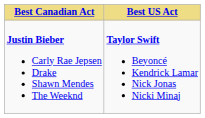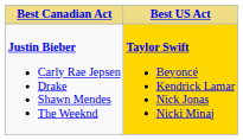 <table class=wikitable style="width=100%">
 <tr>
 <th style="background:#EEDD85; width=50%"><a href='#'>Best Canadian Act</a></th>
 <th style="background:#EEDD85; width=50%"><a href='#'>Best US Act</a></th>
 </tr>
 <tr>
 <td valign="top"><br><strong><a href='#'>Justin Bieber</a></strong><ul><li><a href='#'>Carly Rae Jepsen</a></li><li><a href='#'>Drake</a></li><li><a href='#'>Shawn Mendes</a></li><li><a href='#'>The Weeknd</a></li></ul></td>
-<td valign="top"><br><strong><a href='#'>Taylor Swift</a></strong><ul><li><a href='#'>Beyoncé</a></li><li><a href='#'>Kendrick Lamar</a></li><li><a href='#'>Nick Jonas</a></li><li><a href='#'>Nicki Minaj</a></li></ul></td>
+<td valign="top" style="background: gold;"><br><strong><a href='#'>Taylor Swift</a></strong><ul><li><a href='#'>Beyoncé</a></li><li><a href='#'>Kendrick Lamar</a></li><li><a href='#'>Nick Jonas</a></li><li><a href='#'>Nicki Minaj</a></li></ul></td>
 </tr>
 </table>
